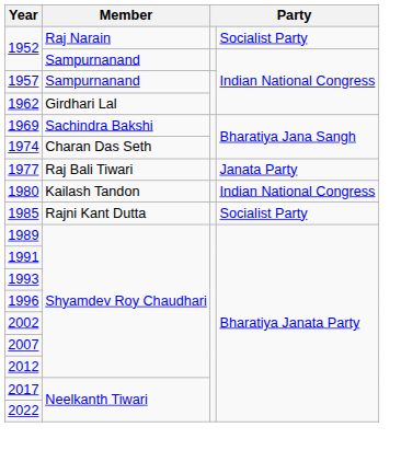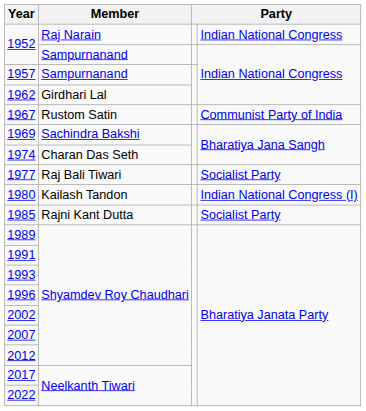 <table class="wikitable">
 <tr>
 <th>Year</th>
 <th>Member</th>
 <th colspan="2">Party</th>
 </tr>
 <tr>
 <td rowspan="2"><a href='#'>1952</a></td>
 <td><a href='#'>Raj Narain</a></td>
 <td style="background-color: "></td>
-<td><a href='#'>Socialist Party</a></td>
+<td><a href='#'>Indian National Congress</a></td>
 </tr>
 <tr>
 <td><a href='#'>Sampurnanand</a></td>
 <td style="background-color: "></td>
 <td rowspan="3"><a href='#'>Indian National Congress</a></td>
 </tr>
 <tr>
 <td><a href='#'>1957</a></td>
 <td><a href='#'>Sampurnanand</a></td>
 <td rowspan="2" style="background-color: "></td>
 </tr>
 <tr>
 <td><a href='#'>1962</a></td>
 <td>Girdhari Lal</td>
 </tr>
 <tr>
+<td><a href='#'>1967</a></td>
+<td>Rustom Satin</td>
+<td style="background-color: "></td>
+<td><a href='#'>Communist Party of India</a></td>
+</tr>
+<tr>
 <td><a href='#'>1969</a></td>
 <td><a href='#'>Sachindra Bakshi</a></td>
 <td rowspan="2" style="background-color: "></td>
 <td rowspan="2"><a href='#'>Bharatiya Jana Sangh</a></td>
 </tr>
 <tr>
 <td><a href='#'>1974</a></td>
 <td>Charan Das Seth</td>
 </tr>
 <tr>
 <td><a href='#'>1977</a></td>
 <td>Raj Bali Tiwari</td>
 <td style="background-color: "></td>
-<td><a href='#'>Janata Party</a></td>
+<td><a href='#'>Socialist Party</a></td>
 </tr>
 <tr>
 <td><a href='#'>1980</a></td>
 <td>Kailash Tandon</td>
 <td style="background-color: "></td>
-<td><a href='#'>Indian National Congress</a></td>
+<td><a href='#'>Indian National Congress (I)</a></td>
 </tr>
 <tr>
 <td><a href='#'>1985</a></td>
 <td>Rajni Kant Dutta</td>
 <td style="background-color: "></td>
 <td><a href='#'>Socialist Party</a></td>
 </tr>
 <tr>
 <td><a href='#'>1989</a></td>
 <td rowspan="7"><a href='#'>Shyamdev Roy Chaudhari</a></td>
 <td rowspan="9" style="background-color: "></td>
 <td rowspan="9"><a href='#'>Bharatiya Janata Party</a></td>
 </tr>
 <tr>
 <td><a href='#'>1991</a></td>
 </tr>
 <tr>
 <td><a href='#'>1993</a></td>
 </tr>
 <tr>
 <td><a href='#'>1996</a></td>
 </tr>
 <tr>
 <td><a href='#'>2002</a></td>
 </tr>
 <tr>
 <td><a href='#'>2007</a></td>
 </tr>
 <tr>
 <td><a href='#'>2012</a></td>
 </tr>
 <tr>
 <td><a href='#'>2017</a></td>
 <td rowspan="2"><a href='#'>Neelkanth Tiwari</a></td>
 </tr>
 <tr>
 <td><a href='#'>2022</a></td>
 </tr>
 </table>
